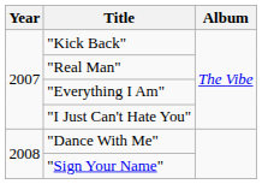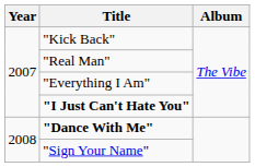 <table class="wikitable">
 <tr>
 <th>Year</th>
 <th>Title</th>
 <th>Album</th>
 </tr>
 <tr>
 <td rowspan=4>2007</td>
 <td>"Kick Back"</td>
 <td align="center" rowspan=4><em><a href='#'>The Vibe</a></em></td>
 </tr>
 <tr>
 <td>"Real Man"</td>
 </tr>
 <tr>
 <td>"Everything I Am"</td>
 </tr>
 <tr>
-<td>"I Just Can't Hate You"</td>
+<td><strong>"I Just Can't Hate You"</strong></td>
 </tr>
 <tr>
 <td rowspan=2>2008</td>
-<td>"Dance With Me"</td>
+<td><strong>"Dance With Me"</strong></td>
 <td align="center" rowspan=2></td>
 </tr>
 <tr>
 <td>"<a href='#'>Sign Your Name</a>"</td>
 </tr>
 </table>
